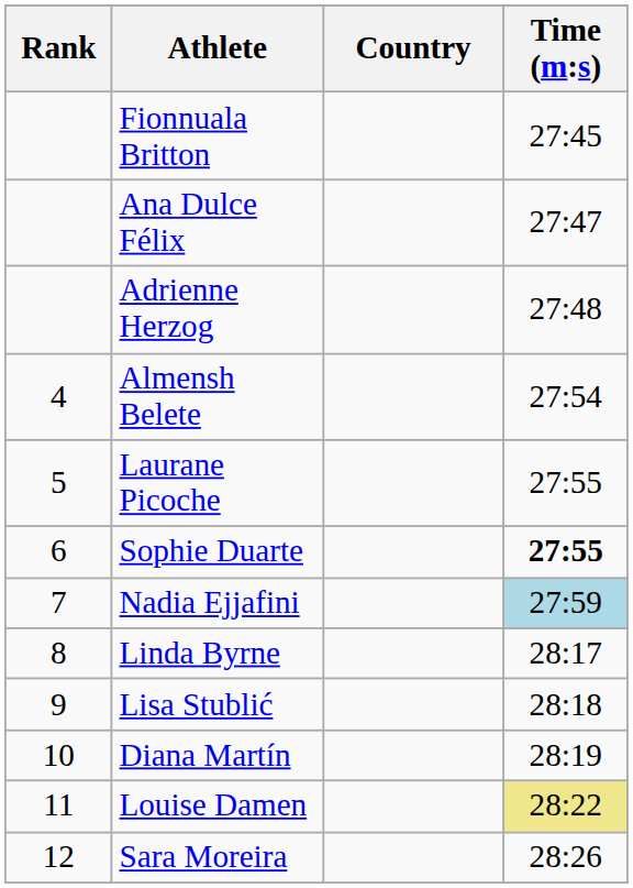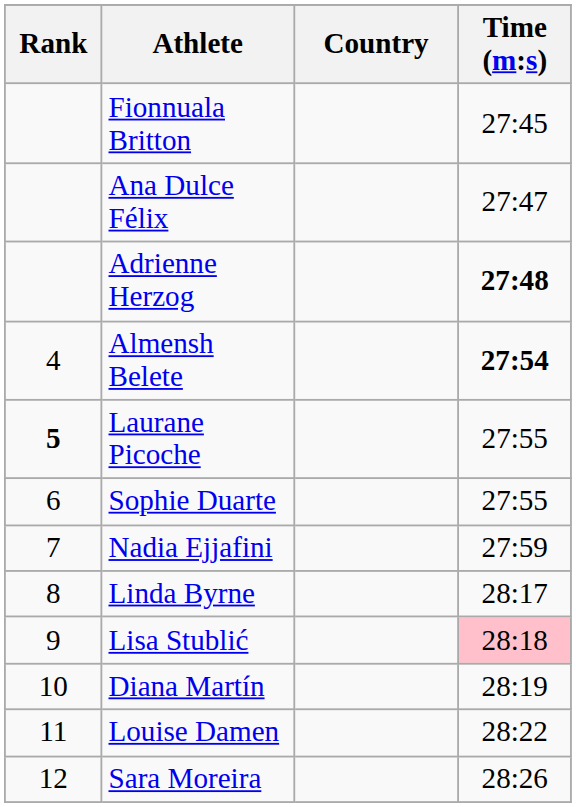 <table class="wikitable" style="width:50%;">
 <tr>
 </tr>
 <tr>
 <th width=5%>Rank</th>
 <th width=20%>Athlete</th>
 <th width=15%>Country</th>
 <th width=10%>Time (<a href='#'>m</a>:<a href='#'>s</a>)</th>
 </tr>
 <tr style="text-align:center;">
 <td></td>
 <td style="text-align:left;"><a href='#'>Fionnuala Britton</a></td>
 <td style="text-align:left;"></td>
 <td>27:45</td>
 </tr>
 <tr style="text-align:center;">
 <td></td>
 <td style="text-align:left;"><a href='#'>Ana Dulce Félix</a></td>
 <td style="text-align:left;"></td>
 <td>27:47</td>
 </tr>
 <tr style="text-align:center;">
 <td></td>
 <td style="text-align:left;"><a href='#'>Adrienne Herzog</a></td>
 <td style="text-align:left;"></td>
-<td>27:48</td>
+<td><strong>27:48</strong></td>
 </tr>
 <tr style="text-align:center;">
 <td>4</td>
 <td style="text-align:left;"><a href='#'>Almensh Belete</a></td>
 <td style="text-align:left;"></td>
-<td>27:54</td>
+<td><strong>27:54</strong></td>
 </tr>
 <tr style="text-align:center;">
-<td>5</td>
+<td><strong>5</strong></td>
 <td style="text-align:left;"><a href='#'>Laurane Picoche</a></td>
 <td style="text-align:left;"></td>
 <td>27:55</td>
 </tr>
 <tr style="text-align:center;">
 <td>6</td>
 <td style="text-align:left;"><a href='#'>Sophie Duarte</a></td>
 <td style="text-align:left;"></td>
-<td><strong>27:55</strong></td>
+<td>27:55</td>
 </tr>
 <tr style="text-align:center;">
 <td>7</td>
 <td style="text-align:left;"><a href='#'>Nadia Ejjafini</a></td>
 <td style="text-align:left;"></td>
-<td style="background: lightblue;">27:59</td>
+<td>27:59</td>
 </tr>
 <tr style="text-align:center;">
 <td>8</td>
 <td style="text-align:left;"><a href='#'>Linda Byrne</a></td>
 <td style="text-align:left;"></td>
 <td>28:17</td>
 </tr>
 <tr style="text-align:center;">
 <td>9</td>
 <td style="text-align:left;"><a href='#'>Lisa Stublić</a></td>
 <td style="text-align:left;"></td>
-<td>28:18</td>
+<td style="background: pink;">28:18</td>
 </tr>
 <tr style="text-align:center;">
 <td>10</td>
 <td style="text-align:left;"><a href='#'>Diana Martín</a></td>
 <td style="text-align:left;"></td>
 <td>28:19</td>
 </tr>
 <tr style="text-align:center;">
 <td>11</td>
 <td style="text-align:left;"><a href='#'>Louise Damen</a></td>
 <td style="text-align:left;"></td>
-<td style="background: khaki;">28:22</td>
+<td>28:22</td>
 </tr>
 <tr style="text-align:center;">
 <td>12</td>
 <td style="text-align:left;"><a href='#'>Sara Moreira</a></td>
 <td style="text-align:left;"></td>
 <td>28:26</td>
 </tr>
 </table>
